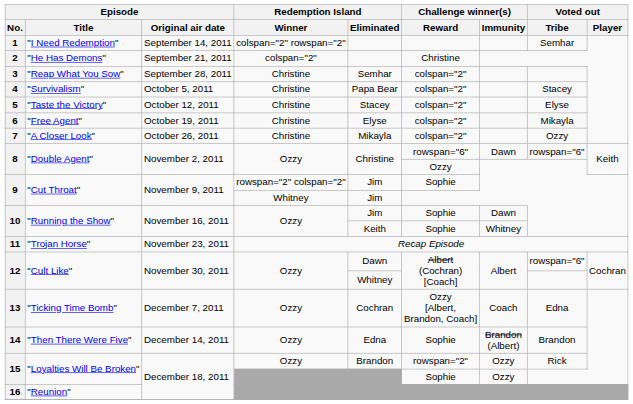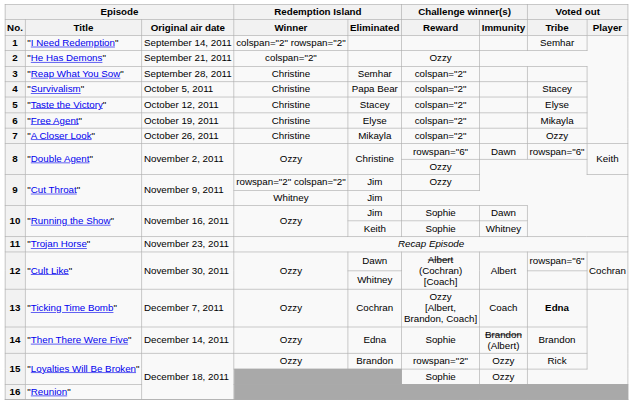 <table class="wikitable" style="margin:auto; text-align:center">
 <tr>
 <th colspan=3>Episode</th>
 <th colspan=2>Redemption Island</th>
 <th colspan=2>Challenge winner(s)</th>
 <th colspan="2">Voted out</th>
 </tr>
 <tr>
 <th>No.</th>
 <th>Title</th>
 <th>Original air date</th>
 <th>Winner</th>
 <th>Eliminated</th>
 <th>Reward</th>
 <th>Immunity</th>
 <th>Tribe</th>
 <th>Player</th>
 </tr>
 <tr>
 <th>1</th>
 <td align="left">"<a href='#'>I Need Redemption</a>"</td>
 <td align="left">September 14, 2011</td>
 <td>colspan="2" rowspan="2" </td>
 <td></td>
 <td></td>
 <td></td>
 <td>Semhar</td>
 </tr>
 <tr>
 <th>2</th>
 <td align="left">"<a href='#'>He Has Demons</a>"</td>
 <td align="left">September 21, 2011</td>
 <td>colspan="2" </td>
 <td></td>
-<td>Christine</td>
+<td>Ozzy</td>
 </tr>
 <tr>
 <th>3</th>
 <td align="left">"<a href='#'>Reap What You Sow</a>"</td>
 <td align="left">September 28, 2011</td>
 <td>Christine</td>
 <td>Semhar</td>
 <td>colspan="2" </td>
 <td></td>
 <td></td>
 </tr>
 <tr>
 <th>4</th>
 <td align="left">"<a href='#'>Survivalism</a>"</td>
 <td align="left">October 5, 2011</td>
 <td>Christine</td>
 <td>Papa Bear</td>
 <td>colspan="2" </td>
 <td></td>
 <td>Stacey</td>
 </tr>
 <tr>
 <th>5</th>
 <td align="left">"<a href='#'>Taste the Victory</a>"</td>
 <td align="left">October 12, 2011</td>
 <td>Christine</td>
 <td>Stacey</td>
 <td>colspan="2" </td>
 <td></td>
 <td>Elyse</td>
 </tr>
 <tr>
 <th>6</th>
 <td align="left">"<a href='#'>Free Agent</a>"</td>
 <td align="left">October 19, 2011</td>
 <td>Christine</td>
 <td>Elyse</td>
 <td>colspan="2" </td>
 <td></td>
 <td>Mikayla</td>
 </tr>
 <tr>
 <th>7</th>
 <td align="left">"<a href='#'>A Closer Look</a>"</td>
 <td align="left">October 26, 2011</td>
 <td>Christine</td>
 <td>Mikayla</td>
 <td>colspan="2" </td>
 <td></td>
 <td>Ozzy</td>
 </tr>
 <tr>
 <th rowspan="2">8</th>
 <td align="left" rowspan="2">"<a href='#'>Double Agent</a>"</td>
 <td align="left" rowspan="2">November 2, 2011</td>
 <td rowspan="2">Ozzy</td>
 <td rowspan="2">Christine</td>
 <td>rowspan="6" </td>
 <td>Dawn</td>
 <td>rowspan="6" </td>
 <td rowspan="2">Keith</td>
 </tr>
 <tr>
 <td>Ozzy</td>
 </tr>
 <tr>
 <th rowspan="2">9</th>
 <td rowspan="2" align="left">"<a href='#'>Cut Throat</a>"</td>
 <td rowspan="2" align="left">November 9, 2011</td>
 <td>rowspan="2" colspan="2" </td>
 <td>Jim</td>
-<td>Sophie</td>
+<td>Ozzy</td>
 </tr>
 <tr>
 <td>Whitney</td>
 <td>Jim</td>
 </tr>
 <tr>
 <th rowspan="2">10</th>
 <td rowspan="2" align="left">"<a href='#'>Running the Show</a>"</td>
 <td rowspan="2" align="left">November 16, 2011</td>
 <td rowspan="2">Ozzy</td>
 <td>Jim</td>
 <td>Sophie</td>
 <td>Dawn</td>
 </tr>
 <tr>
 <td>Keith</td>
 <td>Sophie</td>
 <td>Whitney</td>
 </tr>
 <tr>
 <th>11</th>
 <td align="left">"<a href='#'>Trojan Horse</a>"</td>
 <td align="left">November 23, 2011</td>
 <td colspan="6"><em>Recap Episode</em></td>
 </tr>
 <tr>
 <th rowspan="2">12</th>
 <td rowspan="2" align="left">"<a href='#'>Cult Like</a>"</td>
 <td rowspan="2" align="left">November 30, 2011</td>
 <td rowspan="2">Ozzy</td>
 <td>Dawn</td>
 <td rowspan="2"><s>Albert</s><br>(Cochran)<br>[Coach]</td>
 <td rowspan="2">Albert</td>
 <td>rowspan="6" </td>
 <td rowspan="2">Cochran</td>
 </tr>
 <tr>
 <td>Whitney</td>
 </tr>
 <tr>
 <th>13</th>
 <td align="left">"<a href='#'>Ticking Time Bomb</a>"</td>
 <td align="left">December 7, 2011</td>
 <td>Ozzy</td>
 <td>Cochran</td>
 <td>Ozzy<br>[Albert,<br>Brandon, Coach]</td>
 <td>Coach</td>
-<td>Edna</td>
+<td><strong>Edna</strong></td>
 </tr>
 <tr>
 <th>14</th>
 <td align="left">"<a href='#'>Then There Were Five</a>"</td>
 <td align="left">December 14, 2011</td>
 <td>Ozzy</td>
 <td>Edna</td>
 <td>Sophie</td>
 <td><s>Brandon</s><br>(Albert)</td>
 <td>Brandon</td>
 </tr>
 <tr>
 <th rowspan="2">15</th>
 <td rowspan="2" align="left">"<a href='#'>Loyalties Will Be Broken</a>"</td>
 <td rowspan="3" align="left">December 18, 2011</td>
 <td>Ozzy</td>
 <td>Brandon</td>
 <td>rowspan="2" </td>
 <td>Ozzy</td>
 <td>Rick</td>
 </tr>
 <tr>
 <td colspan="2" bgcolor="darkgray"></td>
 <td>Sophie</td>
 <td>Ozzy</td>
 </tr>
 <tr>
 <th>16</th>
 <td align="left">"<a href='#'>Reunion</a>"</td>
 <td colspan="6" bgcolor="darkgray"></td>
 </tr>
 <tr>
 </tr>
 </table>
